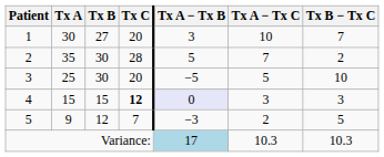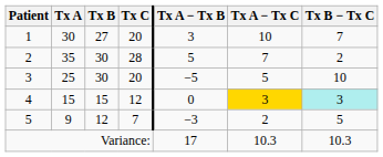 <table class="wikitable" style="float: right">
 <tr align="center">
 <th>Patient</th>
 <th>Tx A</th>
 <th>Tx B</th>
 <th>Tx C</th>
 <th style="border-left: 3px solid;">Tx A − Tx B</th>
 <th>Tx A − Tx C</th>
 <th>Tx B − Tx C</th>
 </tr>
 <tr align="center">
 <td>1</td>
 <td>30</td>
 <td>27</td>
 <td>20</td>
 <td style="border-left: 3px solid;">3</td>
 <td>10</td>
 <td>7</td>
 </tr>
 <tr align="center">
 <td>2</td>
 <td>35</td>
 <td>30</td>
 <td>28</td>
 <td style="border-left: 3px solid;">5</td>
 <td>7</td>
 <td>2</td>
 </tr>
 <tr align="center">
 <td>3</td>
 <td>25</td>
 <td>30</td>
 <td>20</td>
 <td style="border-left: 3px solid;">−5</td>
 <td>5</td>
 <td>10</td>
 </tr>
 <tr align="center">
 <td>4</td>
 <td>15</td>
 <td>15</td>
-<td><strong>12</strong></td>
-<td style="background: lavender; border-left: 3px solid;">0</td>
-<td>3</td>
-<td>3</td>
+<td>12</td>
+<td style="border-left: 3px solid;">0</td>
+<td style="background: gold;">3</td>
+<td style="background: paleturquoise;">3</td>
 </tr>
 <tr align="center">
 <td>5</td>
 <td>9</td>
 <td>12</td>
 <td>7</td>
 <td style="border-left: 3px solid;">−3</td>
 <td>2</td>
 <td>5</td>
 </tr>
 <tr align="center">
 <td colspan="4" align="right">Variance:</td>
-<td style="background: lightblue;">17</td>
+<td>17</td>
 <td>10.3</td>
 <td>10.3</td>
 </tr>
 </table>
